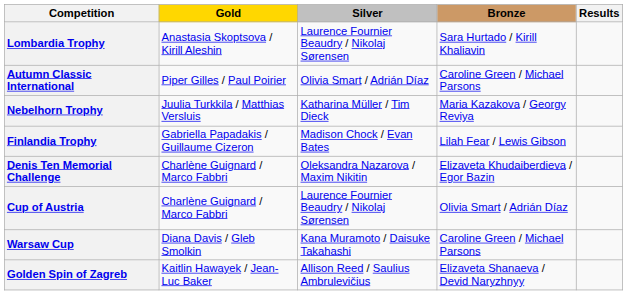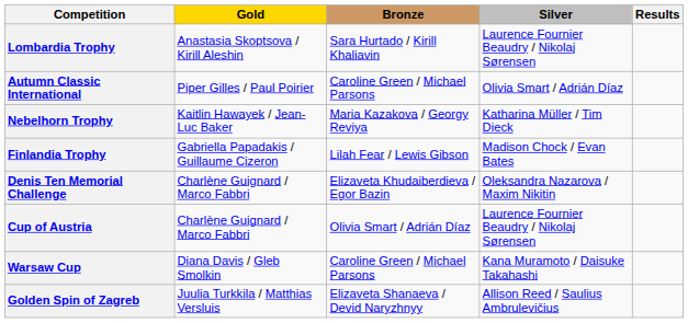 <table class="wikitable unsortable" style="text-align:left; width:100%">
 <tr>
 <th scope="col" style="text-align:center; width:25%;">Competition</th>
 <td scope="col" style="text-align:center; width:22.5%; background:gold"><strong>Gold</strong></td>
+<td scope="col" style="text-align:center; width:22.5%; background:#c96"><strong>Bronze</strong></td>
 <td scope="col" style="text-align:center; width:22.5%; background:silver"><strong>Silver</strong></td>
-<td scope="col" style="text-align:center; width:22.5%; background:#c96"><strong>Bronze</strong></td>
 <th scope="col" style="text-align:center; width:7.5%;">Results</th>
 </tr>
 <tr>
 <th scope="row" style="text-align:left"> <a href='#'>Lombardia Trophy</a></th>
 <td> <a href='#'>Anastasia Skoptsova</a> / <a href='#'>Kirill Aleshin</a></td>
+<td> <a href='#'>Sara Hurtado</a> / <a href='#'>Kirill Khaliavin</a></td>
 <td> <a href='#'>Laurence Fournier Beaudry</a> / <a href='#'>Nikolaj Sørensen</a></td>
-<td> <a href='#'>Sara Hurtado</a> / <a href='#'>Kirill Khaliavin</a></td>
 <td></td>
 </tr>
 <tr>
 <th scope="row" style="text-align:left"> <a href='#'>Autumn Classic International</a></th>
 <td> <a href='#'>Piper Gilles</a> / <a href='#'>Paul Poirier</a></td>
+<td> <a href='#'>Caroline Green</a> / <a href='#'>Michael Parsons</a></td>
 <td> <a href='#'>Olivia Smart</a> / <a href='#'>Adrián Díaz</a></td>
-<td> <a href='#'>Caroline Green</a> / <a href='#'>Michael Parsons</a></td>
 <td></td>
 </tr>
 <tr>
 <th scope="row" style="text-align:left"> <a href='#'>Nebelhorn Trophy</a></th>
-<td> <a href='#'>Juulia Turkkila</a> / <a href='#'>Matthias Versluis</a></td>
+<td> <a href='#'>Kaitlin Hawayek</a> / <a href='#'>Jean-Luc Baker</a></td>
+<td> <a href='#'>Maria Kazakova</a> / <a href='#'>Georgy Reviya</a></td>
 <td> <a href='#'>Katharina Müller</a> / <a href='#'>Tim Dieck</a></td>
-<td> <a href='#'>Maria Kazakova</a> / <a href='#'>Georgy Reviya</a></td>
 <td></td>
 </tr>
 <tr>
 <th scope="row" style="text-align:left"> <a href='#'>Finlandia Trophy</a></th>
 <td> <a href='#'>Gabriella Papadakis</a> / <a href='#'>Guillaume Cizeron</a></td>
+<td> <a href='#'>Lilah Fear</a> / <a href='#'>Lewis Gibson</a></td>
 <td> <a href='#'>Madison Chock</a> / <a href='#'>Evan Bates</a></td>
-<td> <a href='#'>Lilah Fear</a> / <a href='#'>Lewis Gibson</a></td>
 <td></td>
 </tr>
 <tr>
 <th scope="row" style="text-align:left"> <a href='#'>Denis Ten Memorial Challenge</a></th>
 <td> <a href='#'>Charlène Guignard</a> / <a href='#'>Marco Fabbri</a></td>
+<td> <a href='#'>Elizaveta Khudaiberdieva</a> / <a href='#'>Egor Bazin</a></td>
 <td> <a href='#'>Oleksandra Nazarova</a> / <a href='#'>Maxim Nikitin</a></td>
-<td> <a href='#'>Elizaveta Khudaiberdieva</a> / <a href='#'>Egor Bazin</a></td>
 <td></td>
 </tr>
 <tr>
 <th scope="row" style="text-align:left"> <a href='#'>Cup of Austria</a></th>
 <td> <a href='#'>Charlène Guignard</a> / <a href='#'>Marco Fabbri</a></td>
+<td> <a href='#'>Olivia Smart</a> / <a href='#'>Adrián Díaz</a></td>
 <td> <a href='#'>Laurence Fournier Beaudry</a> / <a href='#'>Nikolaj Sørensen</a></td>
-<td> <a href='#'>Olivia Smart</a> / <a href='#'>Adrián Díaz</a></td>
 <td></td>
 </tr>
 <tr>
 <th scope="row" style="text-align:left"> <a href='#'>Warsaw Cup</a></th>
 <td> <a href='#'>Diana Davis</a> / <a href='#'>Gleb Smolkin</a></td>
+<td> <a href='#'>Caroline Green</a> / <a href='#'>Michael Parsons</a></td>
 <td> <a href='#'>Kana Muramoto</a> / <a href='#'>Daisuke Takahashi</a></td>
-<td> <a href='#'>Caroline Green</a> / <a href='#'>Michael Parsons</a></td>
 <td></td>
 </tr>
 <tr>
 <th scope="row" style="text-align:left"> <a href='#'>Golden Spin of Zagreb</a></th>
-<td> <a href='#'>Kaitlin Hawayek</a> / <a href='#'>Jean-Luc Baker</a></td>
+<td> <a href='#'>Juulia Turkkila</a> / <a href='#'>Matthias Versluis</a></td>
+<td> <a href='#'>Elizaveta Shanaeva</a> / <a href='#'>Devid Naryzhnyy</a></td>
 <td> <a href='#'>Allison Reed</a> / <a href='#'>Saulius Ambrulevičius</a></td>
-<td> <a href='#'>Elizaveta Shanaeva</a> / <a href='#'>Devid Naryzhnyy</a></td>
 <td></td>
 </tr>
 </table>
